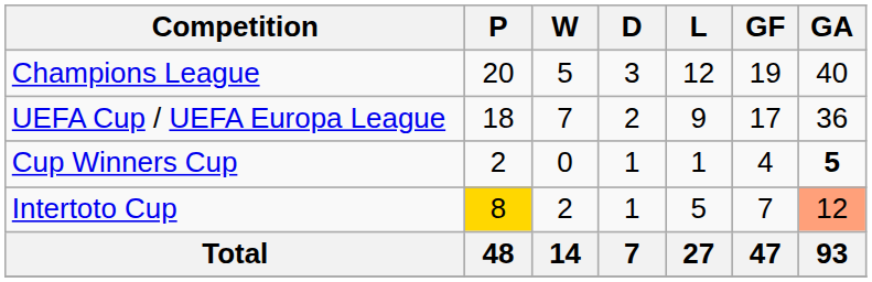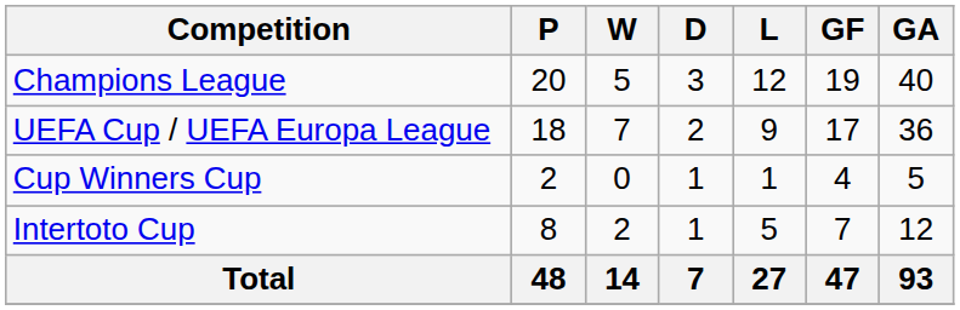 <table class="wikitable" align="centre">
 <tr>
 <th width=250>Competition</th>
 <th width=30>P</th>
 <th width=30>W</th>
 <th width=30>D</th>
 <th width=30>L</th>
 <th width=30>GF</th>
 <th width=30>GA</th>
 </tr>
 <tr align=center>
 <td align=left><a href='#'>Champions League</a></td>
 <td>20</td>
 <td>5</td>
 <td>3</td>
 <td>12</td>
 <td>19</td>
 <td>40</td>
 </tr>
 <tr align=center>
 <td align=left><a href='#'>UEFA Cup</a> / <a href='#'>UEFA Europa League</a></td>
 <td>18</td>
 <td>7</td>
 <td>2</td>
 <td>9</td>
 <td>17</td>
 <td>36</td>
 </tr>
 <tr align=center>
 <td align=left><a href='#'>Cup Winners Cup</a></td>
 <td>2</td>
 <td>0</td>
 <td>1</td>
 <td>1</td>
 <td>4</td>
-<td><strong>5</strong></td>
+<td>5</td>
 </tr>
 <tr align=center>
 <td align=left><a href='#'>Intertoto Cup</a></td>
-<td style="background: gold;">8</td>
+<td>8</td>
 <td>2</td>
 <td>1</td>
 <td>5</td>
 <td>7</td>
-<td style="background: lightsalmon;">12</td>
+<td>12</td>
 </tr>
 <tr align=center>
 <th align=left><strong>Total</strong></th>
 <th>48</th>
 <th>14</th>
 <th>7</th>
 <th>27</th>
 <th>47</th>
 <th>93</th>
 </tr>
 <tr>
 </tr>
 </table>
